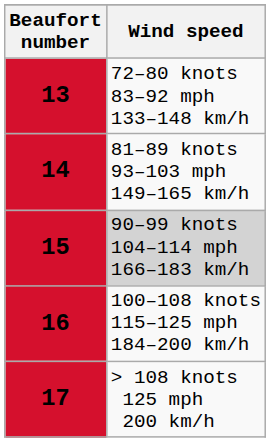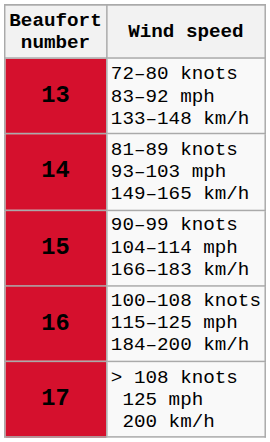 <table class="wikitable">
 <tr>
 </tr>
 <tr>
 <th>Beaufort<br>number</th>
 <th>Wind speed</th>
 </tr>
 <tr>
 <th style="background-color: #D5102D; font-size: large;" id="Beaufort_Number_13">13</th>
 <td>72–80 knots<br>83–92 mph<br>133–148 km/h</td>
 </tr>
 <tr>
 <th style="background-color: #D5102D; font-size: large;" id="Beaufort_Number_14">14</th>
 <td>81–89 knots<br>93–103 mph<br>149–165 km/h</td>
 </tr>
 <tr>
 <th style="background-color: #D5102D; font-size: large;" id="Beaufort_Number_15">15</th>
-<td style="background: lightgrey;">90–99 knots<br>104–114 mph<br>166–183 km/h</td>
+<td>90–99 knots<br>104–114 mph<br>166–183 km/h</td>
 </tr>
 <tr>
 <th style="background-color: #D5102D; font-size: large;" id="Beaufort_Number_16">16</th>
 <td>100–108 knots<br>115–125 mph<br>184–200 km/h</td>
 </tr>
 <tr>
 <th style="background-color: #D5102D; font-size: large;" id="Beaufort_Number_17">17</th>
 <td>> 108 knots<br> 125 mph<br> 200 km/h</td>
 </tr>
 </table>
